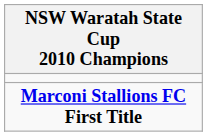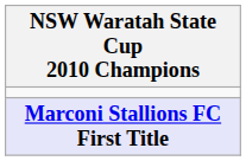 <table class="wikitable" style="text-align: center; margin: 0 auto; width: 20%">
 <tr>
 <th>NSW Waratah State Cup<br>2010 Champions</th>
 </tr>
 <tr>
 <td></td>
 </tr>
 <tr>
-<td><strong><a href='#'>Marconi Stallions FC</a></strong><br><strong>First Title</strong></td>
+<td style="background: lavender;"><strong><a href='#'>Marconi Stallions FC</a></strong><br><strong>First Title</strong></td>
 </tr>
 </table>
